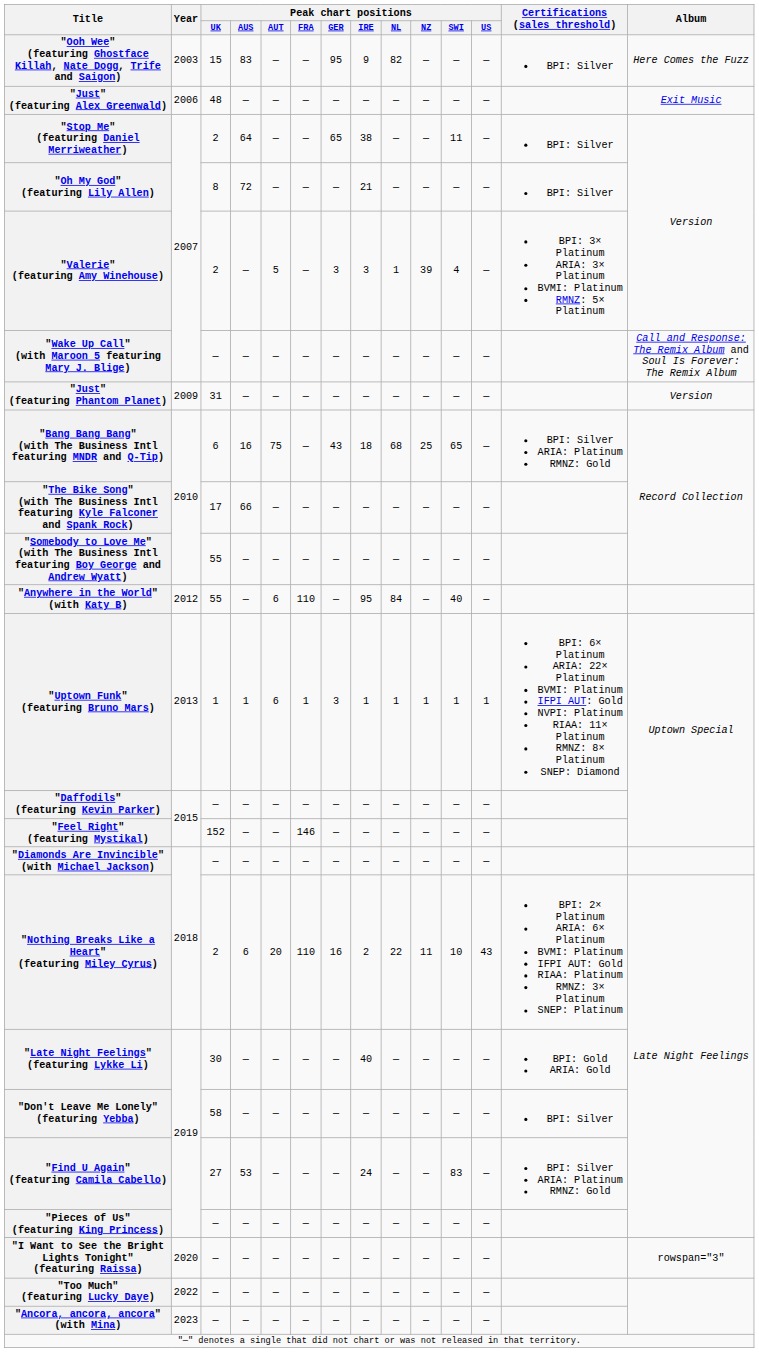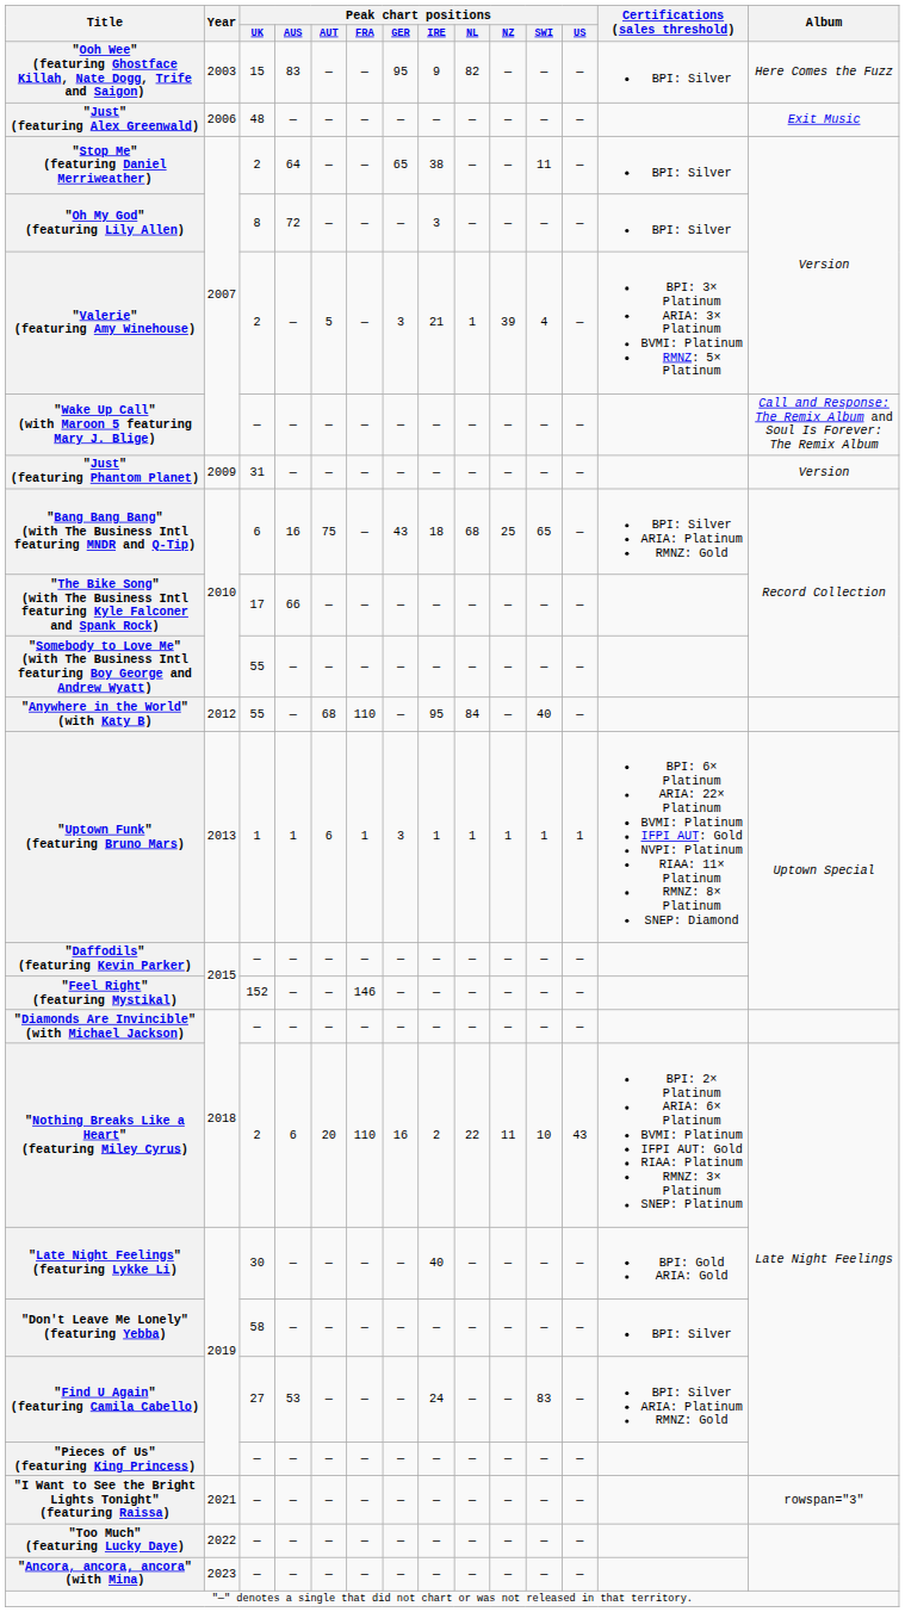 <table class="wikitable plainrowheaders" style="text-align:center;">
 <tr>
 <th scope="col" rowspan="2" style="width:16em;">Title</th>
 <th scope="col" rowspan="2" style="width:1em;">Year</th>
 <th scope="col" colspan="10">Peak chart positions</th>
 <th scope="col" rowspan="2" style="width:12em;"><a href='#'>Certifications</a><br><span>(<a href='#'>sales threshold</a>)</span></th>
 <th scope="col" rowspan="2" style="width:12em;">Album</th>
 </tr>
 <tr>
 <th scope="col" style="width:3em;font-size:85%;"><a href='#'>UK</a><br></th>
 <th scope="col" style="width:3em;font-size:85%;"><a href='#'>AUS</a><br></th>
 <th scope="col" style="width:3em;font-size:85%;"><a href='#'>AUT</a><br></th>
 <th scope="col" style="width:3em;font-size:85%;"><a href='#'>FRA</a><br></th>
 <th scope="col" style="width:3em;font-size:85%;"><a href='#'>GER</a><br></th>
 <th scope="col" style="width:3em;font-size:85%;"><a href='#'>IRE</a><br></th>
 <th scope="col" style="width:3em;font-size:85%;"><a href='#'>NL</a><br></th>
 <th scope="col" style="width:3em;font-size:85%;"><a href='#'>NZ</a><br></th>
 <th scope="col" style="width:3em;font-size:85%;"><a href='#'>SWI</a><br></th>
 <th scope="col" style="width:3em;font-size:85%;"><a href='#'>US</a><br></th>
 </tr>
 <tr>
 <th scope="row">"<a href='#'>Ooh Wee</a>"<br><span>(featuring <a href='#'>Ghostface Killah</a>, <a href='#'>Nate Dogg</a>, <a href='#'>Trife</a> and <a href='#'>Saigon</a>)</span></th>
 <td>2003</td>
 <td>15</td>
 <td>83</td>
 <td>—</td>
 <td>—</td>
 <td>95</td>
 <td>9</td>
 <td>82</td>
 <td>—</td>
 <td>—</td>
 <td>—</td>
 <td><br><ul><li>BPI: Silver</li></ul></td>
 <td><em>Here Comes the Fuzz</em></td>
 </tr>
 <tr>
 <th scope="row">"<a href='#'>Just</a>"<br><span>(featuring <a href='#'>Alex Greenwald</a>)</span></th>
 <td>2006</td>
 <td>48</td>
 <td>—</td>
 <td>—</td>
 <td>—</td>
 <td>—</td>
 <td>—</td>
 <td>—</td>
 <td>—</td>
 <td>—</td>
 <td>—</td>
 <td></td>
 <td><em><a href='#'>Exit Music</a></em></td>
 </tr>
 <tr>
 <th scope="row">"<a href='#'>Stop Me</a>"<br><span>(featuring <a href='#'>Daniel Merriweather</a>)</span></th>
 <td rowspan="4">2007</td>
 <td>2</td>
 <td>64</td>
 <td>—</td>
 <td>—</td>
 <td>65</td>
 <td>38</td>
 <td>—</td>
 <td>—</td>
 <td>11</td>
 <td>—</td>
 <td><br><ul><li>BPI: Silver</li></ul></td>
 <td rowspan="3"><em>Version</em></td>
 </tr>
 <tr>
 <th scope="row">"<a href='#'>Oh My God</a>"<br><span>(featuring <a href='#'>Lily Allen</a>)</span></th>
 <td>8</td>
 <td>72</td>
 <td>—</td>
 <td>—</td>
 <td>—</td>
-<td>21</td>
+<td>3</td>
 <td>—</td>
 <td>—</td>
 <td>—</td>
 <td>—</td>
 <td><br><ul><li>BPI: Silver</li></ul></td>
 </tr>
 <tr>
 <th scope="row">"<a href='#'>Valerie</a>"<br><span>(featuring <a href='#'>Amy Winehouse</a>)</span></th>
 <td>2</td>
 <td>—</td>
 <td>5</td>
 <td>—</td>
 <td>3</td>
-<td>3</td>
+<td>21</td>
 <td>1</td>
 <td>39</td>
 <td>4</td>
 <td>—</td>
 <td><br><ul><li>BPI: 3× Platinum</li><li>ARIA: 3× Platinum</li><li>BVMI: Platinum</li><li><a href='#'>RMNZ</a>: 5× Platinum</li></ul></td>
 </tr>
 <tr>
 <th scope="row">"<a href='#'>Wake Up Call</a>"<br><span>(with <a href='#'>Maroon 5</a> featuring <a href='#'>Mary J. Blige</a>)</span></th>
 <td>—</td>
 <td>—</td>
 <td>—</td>
 <td>—</td>
 <td>—</td>
 <td>—</td>
 <td>—</td>
 <td>—</td>
 <td>—</td>
 <td>—</td>
 <td></td>
 <td><em><a href='#'>Call and Response: The Remix Album</a></em> and <br> <em>Soul Is Forever: The Remix Album</em></td>
 </tr>
 <tr>
 <th scope="row">"<a href='#'>Just</a>"<br><span>(featuring <a href='#'>Phantom Planet</a>)</span></th>
 <td>2009</td>
 <td>31</td>
 <td>—</td>
 <td>—</td>
 <td>—</td>
 <td>—</td>
 <td>—</td>
 <td>—</td>
 <td>—</td>
 <td>—</td>
 <td>—</td>
 <td></td>
 <td><em>Version</em></td>
 </tr>
 <tr>
 <th scope="row">"<a href='#'>Bang Bang Bang</a>"<br><span>(with The Business Intl featuring <a href='#'>MNDR</a> and <a href='#'>Q-Tip</a>)</span></th>
 <td rowspan="3">2010</td>
 <td>6</td>
 <td>16</td>
 <td>75</td>
 <td>—</td>
 <td>43</td>
 <td>18</td>
 <td>68</td>
 <td>25</td>
 <td>65</td>
 <td>—</td>
 <td><br><ul><li>BPI: Silver</li><li>ARIA: Platinum</li><li>RMNZ: Gold</li></ul></td>
 <td rowspan="3"><em>Record Collection</em></td>
 </tr>
 <tr>
 <th scope="row">"<a href='#'>The Bike Song</a>"<br><span>(with The Business Intl featuring <a href='#'>Kyle Falconer</a> and <a href='#'>Spank Rock</a>)</span></th>
 <td>17</td>
 <td>66</td>
 <td>—</td>
 <td>—</td>
 <td>—</td>
 <td>—</td>
 <td>—</td>
 <td>—</td>
 <td>—</td>
 <td>—</td>
 <td></td>
 </tr>
 <tr>
 <th scope="row">"<a href='#'>Somebody to Love Me</a>"<br><span>(with The Business Intl featuring <a href='#'>Boy George</a> and <a href='#'>Andrew Wyatt</a>)</span></th>
 <td>55</td>
 <td>—</td>
 <td>—</td>
 <td>—</td>
 <td>—</td>
 <td>—</td>
 <td>—</td>
 <td>—</td>
 <td>—</td>
 <td>—</td>
 <td></td>
 </tr>
 <tr>
 <th scope="row">"<a href='#'>Anywhere in the World</a>"<br><span>(with <a href='#'>Katy B</a>)</span></th>
 <td>2012</td>
 <td>55</td>
 <td>—</td>
-<td>6</td>
+<td>68</td>
 <td>110</td>
 <td>—</td>
 <td>95</td>
 <td>84</td>
 <td>—</td>
 <td>40</td>
 <td>—</td>
 <td></td>
 <td></td>
 </tr>
 <tr>
 <th scope="row">"<a href='#'>Uptown Funk</a>"<br><span>(featuring <a href='#'>Bruno Mars</a>)</span></th>
 <td>2013</td>
 <td>1</td>
 <td>1</td>
 <td>6</td>
 <td>1</td>
 <td>3</td>
 <td>1</td>
 <td>1</td>
 <td>1</td>
 <td>1</td>
 <td>1</td>
 <td><br><ul><li>BPI: 6× Platinum</li><li>ARIA: 22× Platinum</li><li>BVMI: Platinum</li><li><a href='#'>IFPI AUT</a>: Gold</li><li>NVPI: Platinum</li><li>RIAA: 11× Platinum</li><li>RMNZ: 8× Platinum</li><li>SNEP: Diamond</li></ul></td>
 <td rowspan="3"><em>Uptown Special</em></td>
 </tr>
 <tr>
 <th scope="row">"<a href='#'>Daffodils</a>"<br><span>(featuring <a href='#'>Kevin Parker</a>)</span></th>
 <td rowspan="2">2015</td>
 <td>—</td>
 <td>—</td>
 <td>—</td>
 <td>—</td>
 <td>—</td>
 <td>—</td>
 <td>—</td>
 <td>—</td>
 <td>—</td>
 <td>—</td>
 <td></td>
 </tr>
 <tr>
 <th scope="row">"<a href='#'>Feel Right</a>"<br><span>(featuring <a href='#'>Mystikal</a>)</span></th>
 <td>152</td>
 <td>—</td>
 <td>—</td>
 <td>146</td>
 <td>—</td>
 <td>—</td>
 <td>—</td>
 <td>—</td>
 <td>—</td>
 <td>—</td>
 <td></td>
 </tr>
 <tr>
 <th scope="row">"<a href='#'>Diamonds Are Invincible</a>"<br><span>(with <a href='#'>Michael Jackson</a>)</span></th>
 <td rowspan="2">2018</td>
 <td>—</td>
 <td>—</td>
 <td>—</td>
 <td>—</td>
 <td>—</td>
 <td>—</td>
 <td>—</td>
 <td>—</td>
 <td>—</td>
 <td>—</td>
 <td></td>
 <td></td>
 </tr>
 <tr>
 <th scope="row">"<a href='#'>Nothing Breaks Like a Heart</a>"<br><span>(featuring <a href='#'>Miley Cyrus</a>)</span></th>
 <td>2</td>
 <td>6</td>
 <td>20</td>
 <td>110</td>
 <td>16</td>
 <td>2</td>
 <td>22</td>
 <td>11</td>
 <td>10</td>
 <td>43</td>
 <td><br><ul><li>BPI: 2× Platinum</li><li>ARIA: 6× Platinum</li><li>BVMI: Platinum</li><li>IFPI AUT: Gold</li><li>RIAA: Platinum</li><li>RMNZ: 3× Platinum</li><li>SNEP: Platinum</li></ul></td>
 <td rowspan="5"><em>Late Night Feelings</em></td>
 </tr>
 <tr>
 <th scope="row">"<a href='#'>Late Night Feelings</a>"<br><span>(featuring <a href='#'>Lykke Li</a>)</span></th>
 <td rowspan="4">2019</td>
 <td>30</td>
 <td>—</td>
 <td>—</td>
 <td>—</td>
 <td>—</td>
 <td>40</td>
 <td>—</td>
 <td>—</td>
 <td>—</td>
 <td>—</td>
 <td><br><ul><li>BPI: Gold</li><li>ARIA: Gold</li></ul></td>
 </tr>
 <tr>
 <th scope="row">"Don't Leave Me Lonely" <br><span>(featuring <a href='#'>Yebba</a>)</span></th>
 <td>58</td>
 <td>—</td>
 <td>—</td>
 <td>—</td>
 <td>—</td>
 <td>—</td>
 <td>—</td>
 <td>—</td>
 <td>—</td>
 <td>—</td>
 <td><br><ul><li>BPI: Silver</li></ul></td>
 </tr>
 <tr>
 <th scope="row">"<a href='#'>Find U Again</a>"<br><span>(featuring <a href='#'>Camila Cabello</a>)</span></th>
 <td>27</td>
 <td>53</td>
 <td>—</td>
 <td>—</td>
 <td>—</td>
 <td>24</td>
 <td>—</td>
 <td>—</td>
 <td>83</td>
 <td>—</td>
 <td><br><ul><li>BPI: Silver</li><li>ARIA: Platinum</li><li>RMNZ: Gold</li></ul></td>
 </tr>
 <tr>
 <th scope="row">"Pieces of Us"<br><span>(featuring <a href='#'>King Princess</a>)</span></th>
 <td>—</td>
 <td>—</td>
 <td>—</td>
 <td>—</td>
 <td>—</td>
 <td>—</td>
 <td>—</td>
 <td>—</td>
 <td>—</td>
 <td>—</td>
 <td></td>
 </tr>
 <tr>
 <th scope="row">"I Want to See the Bright Lights Tonight"<br><span>(featuring <a href='#'>Raissa</a>)</span></th>
-<td>2020</td>
+<td>2021</td>
 <td>—</td>
 <td>—</td>
 <td>—</td>
 <td>—</td>
 <td>—</td>
 <td>—</td>
 <td>—</td>
 <td>—</td>
 <td>—</td>
 <td>—</td>
 <td></td>
 <td>rowspan="3" </td>
 </tr>
 <tr>
 <th scope="row">"Too Much"<br><span>(featuring <a href='#'>Lucky Daye</a>)</span></th>
 <td>2022</td>
 <td>—</td>
 <td>—</td>
 <td>—</td>
 <td>—</td>
 <td>—</td>
 <td>—</td>
 <td>—</td>
 <td>—</td>
 <td>—</td>
 <td>—</td>
 <td></td>
 </tr>
 <tr>
 <th scope="row">"<a href='#'>Ancora, ancora, ancora</a>"<br><span>(with <a href='#'>Mina</a>)</span></th>
 <td>2023</td>
 <td>—</td>
 <td>—</td>
 <td>—</td>
 <td>—</td>
 <td>—</td>
 <td>—</td>
 <td>—</td>
 <td>—</td>
 <td>—</td>
 <td>—</td>
 <td></td>
 </tr>
 <tr>
 <td colspan="20" style="font-size:85%">"—" denotes a single that did not chart or was not released in that territory.</td>
 </tr>
 </table>
